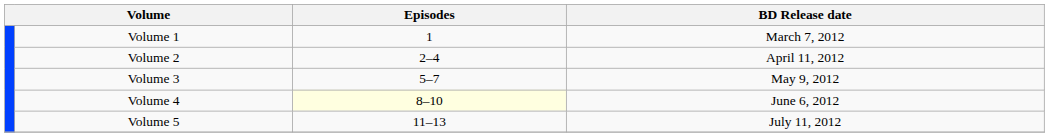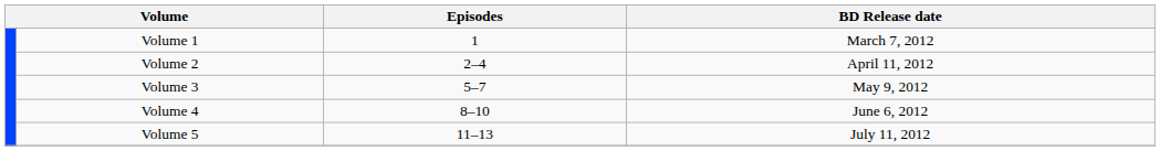 <table class="wikitable" style="text-align: center; width: 98%;">
 <tr>
 <th colspan="2">Volume</th>
 <th>Episodes</th>
 <th>BD Release date</th>
 </tr>
 <tr>
 <td rowspan="5" width="1%" style="background: #0040FF;"></td>
 <td>Volume 1</td>
 <td>1</td>
 <td>March 7, 2012</td>
 </tr>
 <tr>
 <td>Volume 2</td>
 <td>2–4</td>
 <td>April 11, 2012</td>
 </tr>
 <tr>
 <td>Volume 3</td>
 <td>5–7</td>
 <td>May 9, 2012</td>
 </tr>
 <tr>
 <td>Volume 4</td>
-<td style="background: lightyellow;">8–10</td>
+<td>8–10</td>
 <td>June 6, 2012</td>
 </tr>
 <tr>
 <td>Volume 5</td>
 <td>11–13</td>
 <td>July 11, 2012</td>
 </tr>
 <tr>
 </tr>
 </table>
